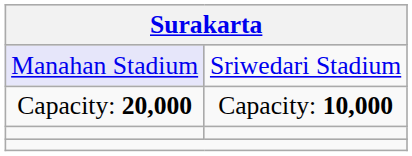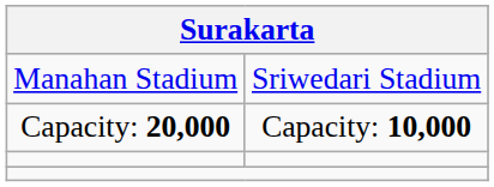 <table class="wikitable" style="margin:1em auto; text-align:center">
 <tr>
 <th colspan="2"><a href='#'>Surakarta</a></th>
 </tr>
 <tr>
-<td style="background: lavender;"><a href='#'>Manahan Stadium</a></td>
+<td><a href='#'>Manahan Stadium</a></td>
 <td><a href='#'>Sriwedari Stadium</a></td>
 </tr>
 <tr>
 <td>Capacity: <strong>20,000</strong></td>
 <td>Capacity: <strong>10,000</strong></td>
 </tr>
 <tr>
 <td></td>
 <td></td>
 </tr>
 <tr>
 <td colspan=2></td>
 </tr>
 </table>
